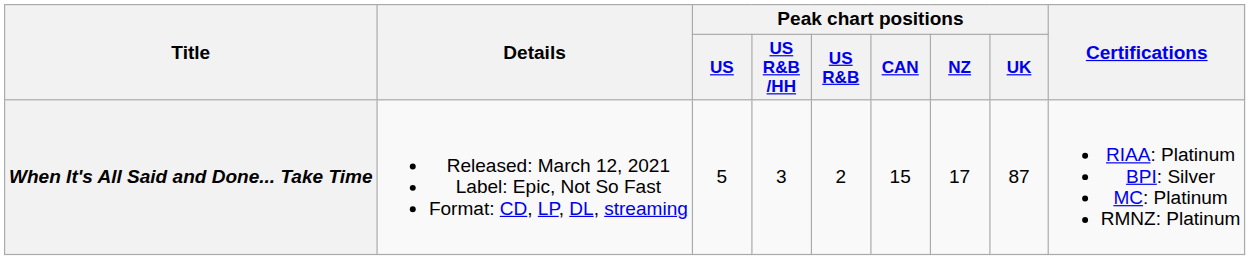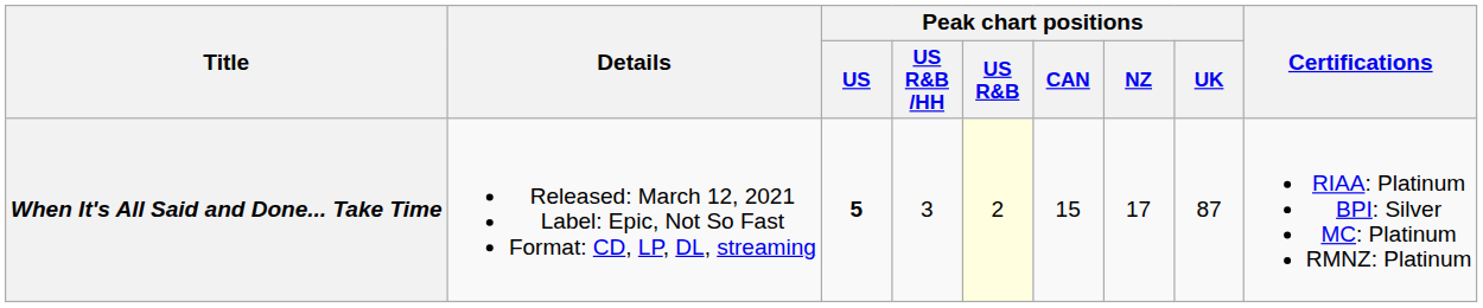 <table class="wikitable plainrowheaders" style="text-align:center;">
 <tr>
 <th scope="col" rowspan="2">Title</th>
 <th scope="col" rowspan="2">Details</th>
 <th colspan="6" scope="col">Peak chart positions</th>
 <th scope="col" rowspan="2"><a href='#'>Certifications</a></th>
 </tr>
 <tr>
 <th scope="col" style="width:3em;font-size:90%;"><a href='#'>US</a><br></th>
 <th scope="col" style="width:3em;font-size:90%;"><a href='#'>US<br>R&B<br>/HH</a><br></th>
 <th scope="col" style="width:3em;font-size:90%;"><a href='#'>US<br>R&B</a><br></th>
 <th scope="col" style="width:3em;font-size:90%;"><a href='#'>CAN</a><br></th>
 <th scope="col" style="width:3em;font-size:90%;"><a href='#'>NZ</a><br></th>
 <th scope="col" style="width:3em;font-size:90%;"><a href='#'>UK</a><br></th>
 </tr>
 <tr>
 <th scope="row"><em>When It's All Said and Done... Take Time</em></th>
 <td><br><ul><li>Released: March 12, 2021</li><li>Label: Epic, Not So Fast</li><li>Format: <a href='#'>CD</a>, <a href='#'>LP</a>, <a href='#'>DL</a>, <a href='#'>streaming</a></li></ul></td>
-<td>5</td>
+<td><strong>5</strong></td>
 <td>3</td>
-<td>2</td>
+<td style="background: lightyellow;">2</td>
 <td>15</td>
 <td>17</td>
 <td>87</td>
 <td><br><ul><li><a href='#'>RIAA</a>: Platinum</li><li><a href='#'>BPI</a>: Silver</li><li><a href='#'>MC</a>: Platinum</li><li>RMNZ: Platinum</li></ul></td>
 </tr>
 </table>
